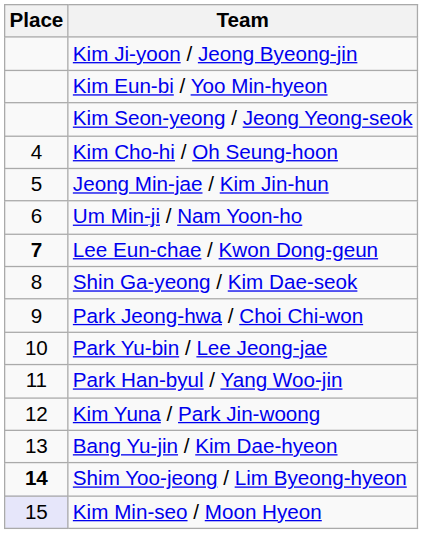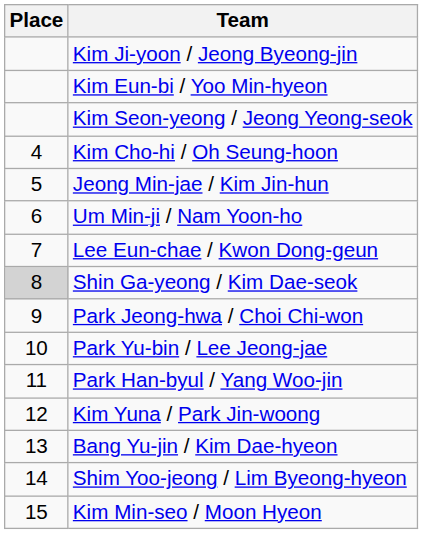 <table class="wikitable">
 <tr>
 <th scope="col">Place</th>
 <th scope="col">Team</th>
 </tr>
 <tr>
 <td align=center></td>
 <td> <a href='#'>Kim Ji-yoon</a> / <a href='#'>Jeong Byeong-jin</a></td>
 </tr>
 <tr>
 <td align=center></td>
 <td> <a href='#'>Kim Eun-bi</a> / <a href='#'>Yoo Min-hyeon</a></td>
 </tr>
 <tr>
 <td align=center></td>
 <td> <a href='#'>Kim Seon-yeong</a> / <a href='#'>Jeong Yeong-seok</a></td>
 </tr>
 <tr>
 <td align=center>4</td>
 <td> <a href='#'>Kim Cho-hi</a> / <a href='#'>Oh Seung-hoon</a></td>
 </tr>
 <tr>
 <td align=center>5</td>
 <td> <a href='#'>Jeong Min-jae</a> / <a href='#'>Kim Jin-hun</a></td>
 </tr>
 <tr>
 <td align=center>6</td>
 <td> <a href='#'>Um Min-ji</a> / <a href='#'>Nam Yoon-ho</a></td>
 </tr>
 <tr>
-<td align=center><strong>7</strong></td>
+<td align=center>7</td>
 <td> <a href='#'>Lee Eun-chae</a> / <a href='#'>Kwon Dong-geun</a></td>
 </tr>
 <tr>
-<td align=center>8</td>
+<td align=center style="background: lightgrey;">8</td>
 <td> <a href='#'>Shin Ga-yeong</a> / <a href='#'>Kim Dae-seok</a></td>
 </tr>
 <tr>
 <td align=center>9</td>
 <td> <a href='#'>Park Jeong-hwa</a> / <a href='#'>Choi Chi-won</a></td>
 </tr>
 <tr>
 <td align=center>10</td>
 <td> <a href='#'>Park Yu-bin</a> / <a href='#'>Lee Jeong-jae</a></td>
 </tr>
 <tr>
 <td align=center>11</td>
 <td> <a href='#'>Park Han-byul</a> / <a href='#'>Yang Woo-jin</a></td>
 </tr>
 <tr>
 <td align=center>12</td>
 <td> <a href='#'>Kim Yuna</a> / <a href='#'>Park Jin-woong</a></td>
 </tr>
 <tr>
 <td align=center>13</td>
 <td> <a href='#'>Bang Yu-jin</a> / <a href='#'>Kim Dae-hyeon</a></td>
 </tr>
 <tr>
-<td align=center><strong>14</strong></td>
+<td align=center>14</td>
 <td> <a href='#'>Shim Yoo-jeong</a> / <a href='#'>Lim Byeong-hyeon</a></td>
 </tr>
 <tr>
-<td align=center style="background: lavender;">15</td>
+<td align=center>15</td>
 <td> <a href='#'>Kim Min-seo</a> / <a href='#'>Moon Hyeon</a></td>
 </tr>
 </table>
